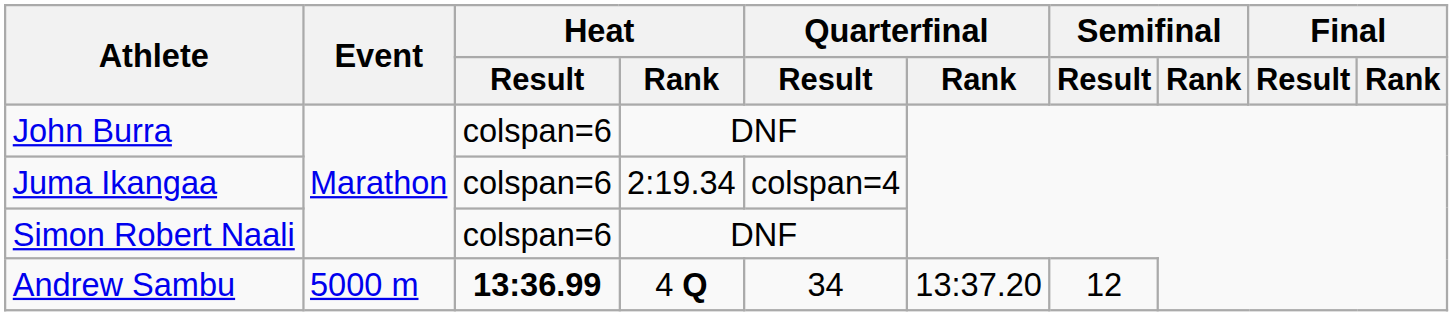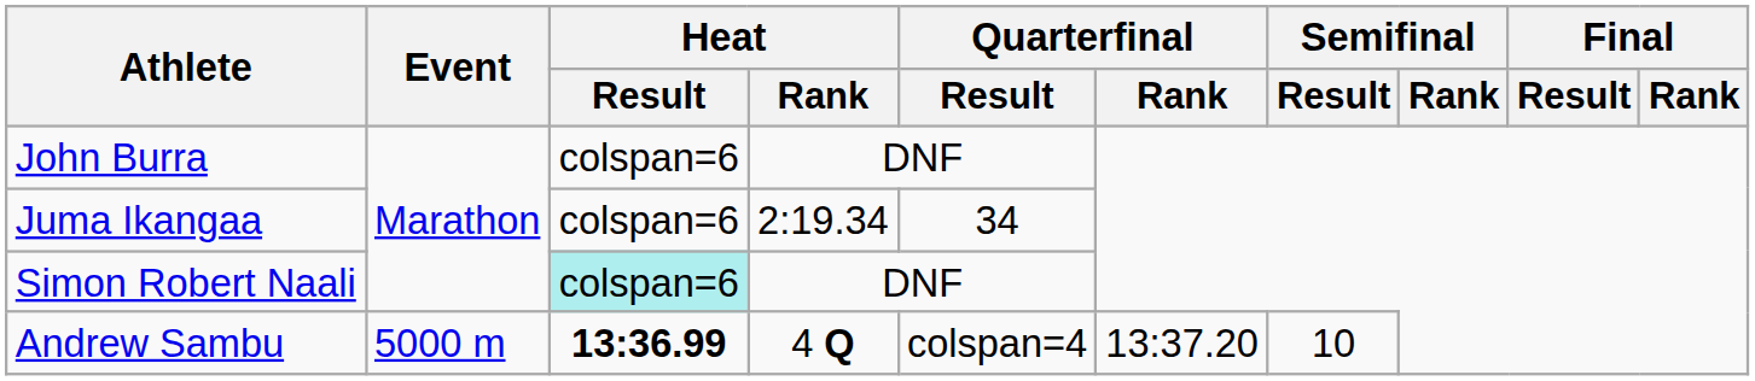 <table class="wikitable" style="font-size:90%">
 <tr>
 <th rowspan="2">Athlete</th>
 <th rowspan="2">Event</th>
 <th colspan="2">Heat</th>
 <th colspan="2">Quarterfinal</th>
 <th colspan="2">Semifinal</th>
 <th colspan="2">Final</th>
 </tr>
 <tr style="font-size:95%">
 <th>Result</th>
 <th>Rank</th>
 <th>Result</th>
 <th>Rank</th>
 <th>Result</th>
 <th>Rank</th>
 <th>Result</th>
 <th>Rank</th>
 </tr>
 <tr align=center>
 <td align=left><a href='#'>John Burra</a></td>
 <td align=left rowspan=3><a href='#'>Marathon</a></td>
 <td>colspan=6 </td>
 <td colspan=2>DNF</td>
 </tr>
 <tr align=center>
 <td align=left><a href='#'>Juma Ikangaa</a></td>
 <td>colspan=6 </td>
 <td>2:19.34</td>
-<td>colspan=4 </td>
+<td>34</td>
 </tr>
 <tr align=center>
 <td align=left><a href='#'>Simon Robert Naali</a></td>
-<td>colspan=6 </td>
+<td style="background: paleturquoise;">colspan=6 </td>
 <td colspan=2>DNF</td>
 </tr>
 <tr align=center>
 <td align=left><a href='#'>Andrew Sambu</a></td>
 <td align=left><a href='#'>5000 m</a></td>
 <td><strong>13:36.99</strong></td>
 <td>4 <strong>Q</strong></td>
-<td>34</td>
+<td>colspan=4 </td>
 <td>13:37.20</td>
-<td>12</td>
+<td>10</td>
 </tr>
 </table>
